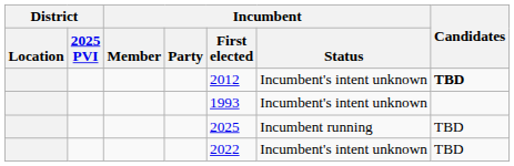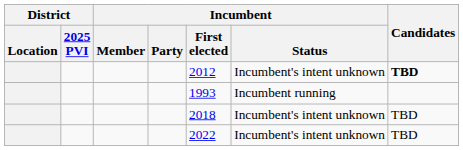 <table class="wikitable sortable">
 <tr>
 <th colspan=2>District</th>
 <th colspan=4>Incumbent</th>
 <th rowspan=2 class="unsortable">Candidates</th>
 </tr>
 <tr valign=bottom>
 <th>Location</th>
 <th><a href='#'>2025<br>PVI</a></th>
 <th>Member</th>
 <th>Party</th>
 <th>First<br>elected</th>
 <th>Status</th>
 </tr>
 <tr>
 <th></th>
 <td></td>
 <td></td>
 <td></td>
 <td><a href='#'>2012 </a></td>
 <td>Incumbent's intent unknown</td>
 <td><strong>TBD</strong></td>
 </tr>
 <tr>
 <th></th>
 <td></td>
 <td></td>
 <td></td>
 <td><a href='#'>1993 </a></td>
-<td>Incumbent's intent unknown</td>
+<td>Incumbent running</td>
 <td></td>
 </tr>
 <tr>
 <th></th>
 <td></td>
 <td></td>
 <td></td>
-<td><a href='#'>2025</a></td>
-<td>Incumbent running</td>
+<td><a href='#'>2018</a></td>
+<td>Incumbent's intent unknown</td>
 <td>TBD</td>
 </tr>
 <tr>
 <th></th>
 <td></td>
 <td></td>
 <td></td>
 <td><a href='#'>2022</a></td>
 <td>Incumbent's intent unknown</td>
 <td>TBD</td>
 </tr>
 </table>
